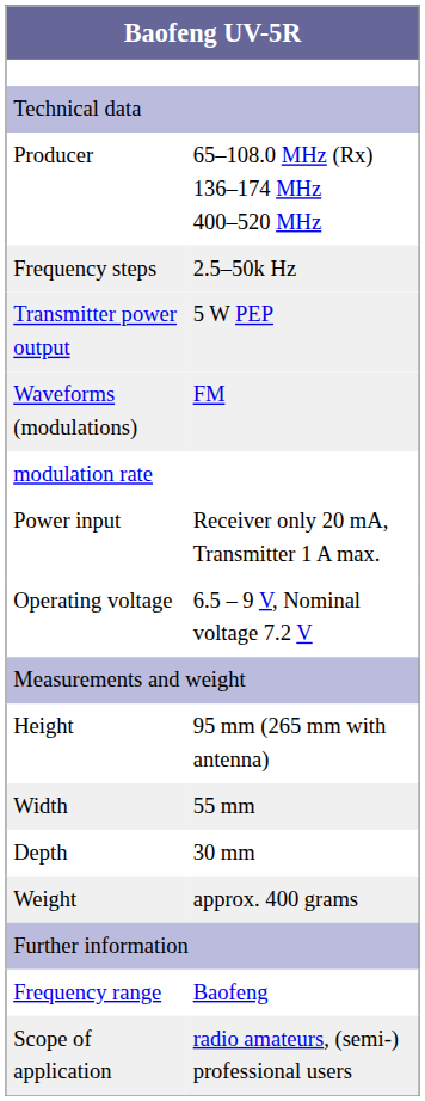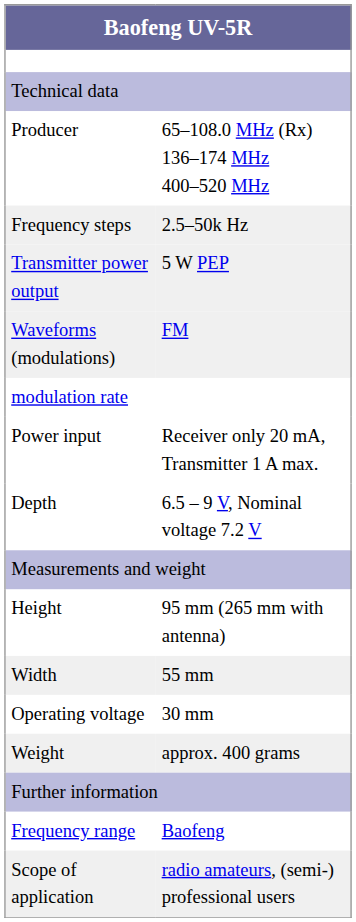 <table border="0" cellspacing="0" cellpadding="4" style="float:right; margin:0 0 .5em 1em; width:250px; background:#fff; border-collapse:collapse; border:1px solid #999; font-size:smaller; line-height:1.5;" summary="Infobox HRM-7000">
 <tr style="text-align:center; color:#fff; background:#669; font-size:larger;">
 <th colspan="2">Baofeng UV-5R</th>
 </tr>
 <tr>
 <td colspan="2"></td>
 </tr>
 <tr>
 <th colspan="2"></th>
 </tr>
 <tr>
 <th colspan="2" style="text-align:left; font-weight:normal; background:#bbd;">Technical data</th>
 </tr>
 <tr style="vertical-align:top;">
 <td>Producer</td>
 <td>65–108.0 <a href='#'>MHz</a> (Rx)<br>136–174 <a href='#'>MHz</a><br>400–520 <a href='#'>MHz</a></td>
 </tr>
 <tr style="vertical-align:top; background:#f0f0f0;">
 <td>Frequency steps</td>
 <td>2.5–50k Hz</td>
 </tr>
 <tr style="vertical-align:top; background:#f0f0f0;">
 <td><a href='#'>Transmitter power output</a></td>
 <td>5 W <a href='#'>PEP</a></td>
 </tr>
 <tr style="vertical-align:top; background:#f0f0f0;">
 <td><a href='#'>Waveforms</a> (modulations)</td>
 <td><a href='#'>FM</a><br></td>
 </tr>
 <tr style="vertical-align:top;">
 <td><a href='#'>modulation rate</a></td>
 <td></td>
 </tr>
 <tr style="vertical-align:top;">
 <td>Power input</td>
 <td>Receiver only 20 mA, Transmitter 1 A max.</td>
 </tr>
 <tr style="vertical-align:top;">
-<td>Operating voltage</td>
+<td>Depth</td>
 <td>6.5 – 9 <a href='#'>V</a>, Nominal voltage 7.2 <a href='#'>V</a></td>
 </tr>
 <tr style="vertical-align:top;">
 <th colspan="2" style="text-align:left; font-weight:normal; background:#bbd;">Measurements and weight</th>
 </tr>
 <tr style="vertical-align:top;">
 <td>Height</td>
 <td>95 mm (265 mm with antenna)</td>
 </tr>
 <tr style="vertical-align:top; background:#f0f0f0;">
 <td>Width</td>
 <td>55 mm</td>
 </tr>
 <tr style="vertical-align:top;">
-<td>Depth</td>
+<td>Operating voltage</td>
 <td>30 mm</td>
 </tr>
 <tr style="vertical-align:top; background:#f0f0f0;">
 <td>Weight</td>
 <td>approx. 400 grams</td>
 </tr>
 <tr>
 <th colspan="2" style="text-align:left; font-weight:normal; background:#bbd;">Further information</th>
 </tr>
 <tr style="vertical-align:top;">
 <td><a href='#'>Frequency range</a></td>
 <td><a href='#'>Baofeng</a></td>
 </tr>
 <tr style="vertical-align:top; background:#f0f0f0;">
 <td>Scope of application</td>
 <td><a href='#'>radio amateurs</a>, (semi-) professional users</td>
 </tr>
 </table>
